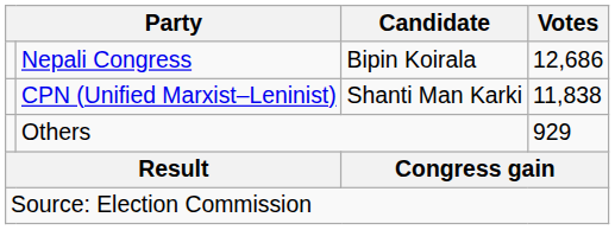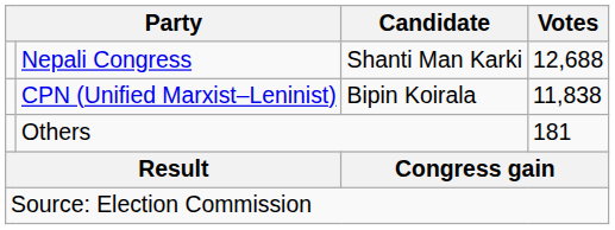 <table class="wikitable">
 <tr>
 <th colspan="2">Party</th>
 <th>Candidate</th>
 <th>Votes</th>
 </tr>
 <tr>
 <td style="background-color:"></td>
 <td><a href='#'>Nepali Congress</a></td>
-<td>Bipin Koirala</td>
-<td>12,686</td>
+<td>Shanti Man Karki</td>
+<td>12,688</td>
 </tr>
 <tr>
 <td style="background-color:"></td>
 <td><a href='#'>CPN (Unified Marxist–Leninist)</a></td>
-<td>Shanti Man Karki</td>
+<td>Bipin Koirala</td>
 <td>11,838</td>
 </tr>
 <tr>
 <td></td>
 <td colspan="2">Others</td>
-<td>929</td>
+<td>181</td>
 </tr>
 <tr>
 <th colspan="2">Result</th>
 <th colspan="2">Congress gain</th>
 </tr>
 <tr>
 <td colspan="4">Source: Election Commission</td>
 </tr>
 </table>
